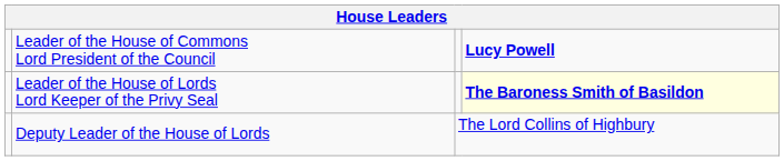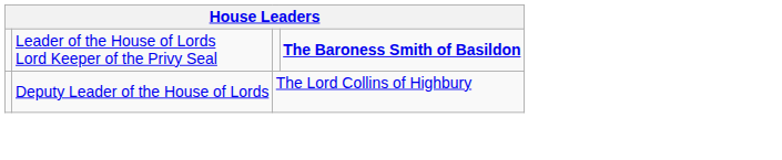 <table class="wikitable">
 <tr>
 <th colspan="4"><a href='#'>House Leaders</a></th>
 </tr>
 <tr>
 <td style="background: "></td>
-<td style="width: 450px;"><a href='#'>Leader of the House of Commons</a><br><a href='#'>Lord President of the Council</a></td>
-<td style="background: "></td>
-<td style="width: 320px;"><strong><a href='#'>Lucy Powell</a></strong></td>
-</tr>
-<tr>
-<td style="background: "></td>
 <td><a href='#'>Leader of the House of Lords</a><br><a href='#'>Lord Keeper of the Privy Seal</a></td>
 <td style="background: "></td>
-<td style="background: lightyellow;"><strong><a href='#'>The Baroness Smith of Basildon</a></strong></td>
+<td><strong><a href='#'>The Baroness Smith of Basildon</a></strong></td>
 </tr>
 <tr>
 <td style="background: "></td>
 <td><a href='#'>Deputy Leader of the House of Lords</a></td>
 <td colspan="2"><a href='#'>The Lord Collins of Highbury</a><br><br></td>
 </tr>
 </table>
